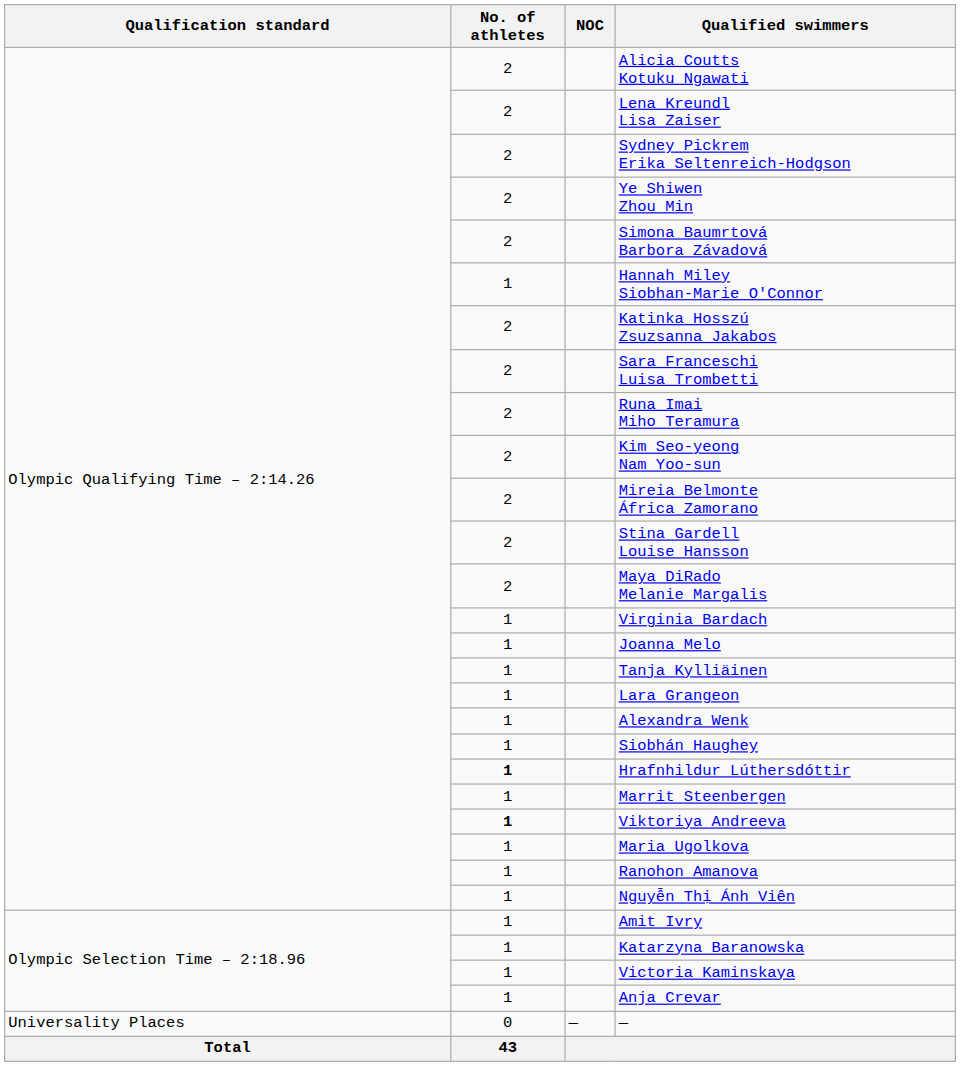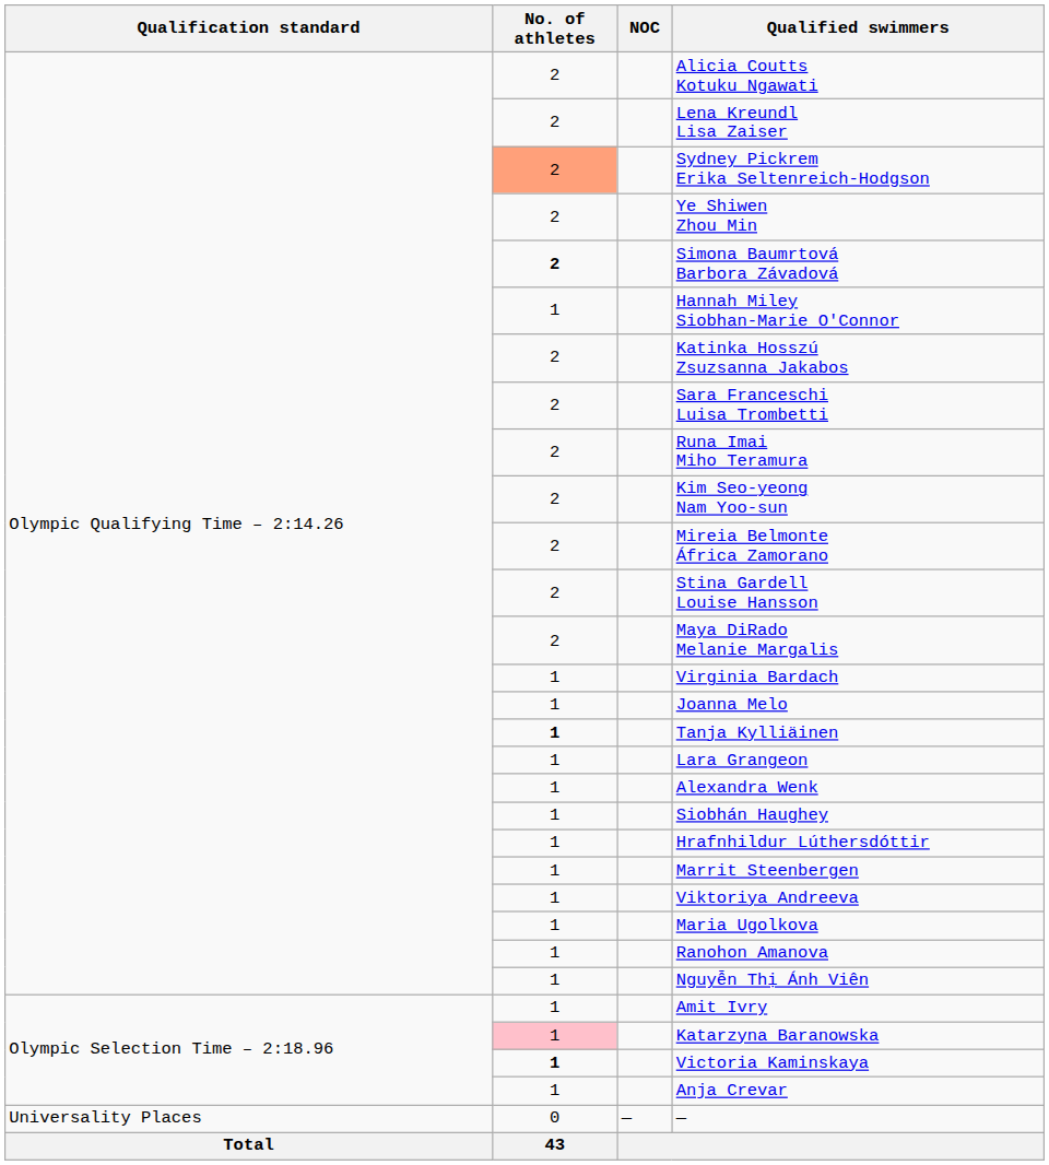 <table class=wikitable style="text-align:left" width=800>
 <tr>
 <th>Qualification standard</th>
 <th width=90>No. of athletes</th>
 <th>NOC</th>
 <th>Qualified swimmers</th>
 </tr>
 <tr>
 <td rowspan="25">Olympic Qualifying Time – 2:14.26</td>
 <td align=center>2</td>
 <td></td>
 <td><a href='#'>Alicia Coutts</a><br><a href='#'>Kotuku Ngawati</a></td>
 </tr>
 <tr>
 <td align=center>2</td>
 <td></td>
 <td><a href='#'>Lena Kreundl</a><br><a href='#'>Lisa Zaiser</a></td>
 </tr>
 <tr>
-<td align=center>2</td>
+<td align=center style="background: lightsalmon;">2</td>
 <td></td>
 <td><a href='#'>Sydney Pickrem</a><br><a href='#'>Erika Seltenreich-Hodgson</a></td>
 </tr>
 <tr>
 <td align=center>2</td>
 <td></td>
 <td><a href='#'>Ye Shiwen</a><br><a href='#'>Zhou Min</a></td>
 </tr>
 <tr>
-<td align=center>2</td>
+<td align=center><strong>2</strong></td>
 <td></td>
 <td><a href='#'>Simona Baumrtová</a><br><a href='#'>Barbora Závadová</a></td>
 </tr>
 <tr>
 <td align=center>1</td>
 <td></td>
 <td><a href='#'>Hannah Miley</a><br><a href='#'>Siobhan-Marie O'Connor</a></td>
 </tr>
 <tr>
 <td align=center>2</td>
 <td></td>
 <td><a href='#'>Katinka Hosszú</a><br><a href='#'>Zsuzsanna Jakabos</a></td>
 </tr>
 <tr>
 <td align="center">2</td>
 <td></td>
 <td><a href='#'>Sara Franceschi</a><br><a href='#'>Luisa Trombetti</a></td>
 </tr>
 <tr>
 <td align=center>2</td>
 <td></td>
 <td><a href='#'>Runa Imai</a><br><a href='#'>Miho Teramura</a></td>
 </tr>
 <tr>
 <td align=center>2</td>
 <td></td>
 <td><a href='#'>Kim Seo-yeong</a><br><a href='#'>Nam Yoo-sun</a></td>
 </tr>
 <tr>
 <td align=center>2</td>
 <td></td>
 <td><a href='#'>Mireia Belmonte</a><br><a href='#'>África Zamorano</a></td>
 </tr>
 <tr>
 <td align=center>2</td>
 <td></td>
 <td><a href='#'>Stina Gardell</a><br><a href='#'>Louise Hansson</a></td>
 </tr>
 <tr>
 <td align=center>2</td>
 <td></td>
 <td><a href='#'>Maya DiRado</a><br><a href='#'>Melanie Margalis</a></td>
 </tr>
 <tr>
 <td align=center>1</td>
 <td></td>
 <td><a href='#'>Virginia Bardach</a></td>
 </tr>
 <tr>
 <td align=center>1</td>
 <td></td>
 <td><a href='#'>Joanna Melo</a></td>
 </tr>
 <tr>
-<td align=center>1</td>
+<td align=center><strong>1</strong></td>
 <td></td>
 <td><a href='#'>Tanja Kylliäinen</a></td>
 </tr>
 <tr>
 <td align=center>1</td>
 <td></td>
 <td><a href='#'>Lara Grangeon</a></td>
 </tr>
 <tr>
 <td align=center>1</td>
 <td></td>
 <td><a href='#'>Alexandra Wenk</a></td>
 </tr>
 <tr>
 <td align=center>1</td>
 <td></td>
 <td><a href='#'>Siobhán Haughey</a></td>
 </tr>
 <tr>
-<td align=center><strong>1</strong></td>
+<td align=center>1</td>
 <td></td>
 <td><a href='#'>Hrafnhildur Lúthersdóttir</a></td>
 </tr>
 <tr>
 <td align=center>1</td>
 <td></td>
 <td><a href='#'>Marrit Steenbergen</a></td>
 </tr>
 <tr>
-<td align=center><strong>1</strong></td>
+<td align=center>1</td>
 <td></td>
 <td><a href='#'>Viktoriya Andreeva</a></td>
 </tr>
 <tr>
 <td align=center>1</td>
 <td></td>
 <td><a href='#'>Maria Ugolkova</a></td>
 </tr>
 <tr>
 <td align=center>1</td>
 <td></td>
 <td><a href='#'>Ranohon Amanova</a></td>
 </tr>
 <tr>
 <td align=center>1</td>
 <td></td>
 <td><a href='#'>Nguyễn Thị Ánh Viên</a></td>
 </tr>
 <tr>
 <td rowspan=4>Olympic Selection Time – 2:18.96</td>
 <td align=center>1</td>
 <td></td>
 <td><a href='#'>Amit Ivry</a></td>
 </tr>
 <tr>
-<td align=center>1</td>
+<td align=center style="background: pink;">1</td>
 <td></td>
 <td><a href='#'>Katarzyna Baranowska</a></td>
 </tr>
 <tr>
-<td align=center>1</td>
+<td align=center><strong>1</strong></td>
 <td></td>
 <td><a href='#'>Victoria Kaminskaya</a></td>
 </tr>
 <tr>
 <td align=center>1</td>
 <td></td>
 <td><a href='#'>Anja Crevar</a></td>
 </tr>
 <tr>
 <td>Universality Places</td>
 <td align=center>0</td>
 <td>—</td>
 <td>—</td>
 </tr>
 <tr>
 <th><strong>Total</strong></th>
 <th>43</th>
 <th colspan=2></th>
 </tr>
 </table>
